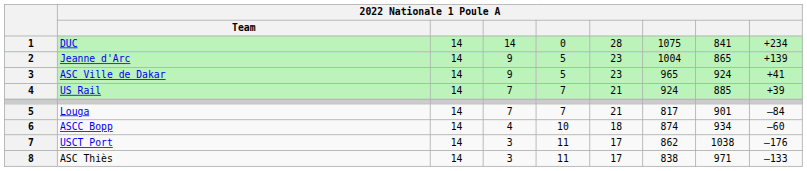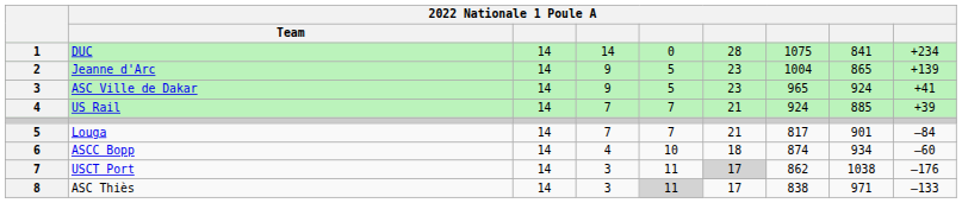 <table class="wikitable" width="80%" style="font-size:95%; text-align:center">
 <tr>
 <th rowspan="2" width="5%"></th>
 <th colspan="8" style="text-align:center"><strong>2022 Nationale 1 Poule A</strong></th>
 </tr>
 <tr>
 <th width="35%">Team</th>
 <th width="5%"></th>
 <th width="5%"></th>
 <th width="5%"></th>
 <th width="5%"></th>
 <th width="5%"></th>
 <th width="5%"></th>
 <th width="5%"></th>
 </tr>
 <tr style="background-color:#BBF3BB;">
 <th>1</th>
 <td style="text-align:left;"><a href='#'>DUC</a></td>
 <td>14</td>
 <td>14</td>
 <td>0</td>
 <td>28</td>
 <td>1075</td>
 <td>841</td>
 <td>+234</td>
 </tr>
 <tr style="background-color:#BBF3BB;">
 <th>2</th>
 <td style="text-align:left;"><a href='#'>Jeanne d'Arc</a></td>
 <td>14</td>
 <td>9</td>
 <td>5</td>
 <td>23</td>
 <td>1004</td>
 <td>865</td>
 <td>+139</td>
 </tr>
 <tr style="background-color:#BBF3BB;">
 <th>3</th>
 <td style="text-align:left;"><a href='#'>ASC Ville de Dakar</a></td>
 <td>14</td>
 <td>9</td>
 <td>5</td>
 <td>23</td>
 <td>965</td>
 <td>924</td>
 <td>+41</td>
 </tr>
 <tr style="background-color:#BBF3BB;">
 <th>4</th>
 <td style="text-align:left;"><a href='#'>US Rail</a></td>
 <td>14</td>
 <td>7</td>
 <td>7</td>
 <td>21</td>
 <td>924</td>
 <td>885</td>
 <td>+39</td>
 </tr>
 <tr style="background-color:#CCCCCC">
 <td></td>
 <td></td>
 <td></td>
 <td></td>
 <td></td>
 <td></td>
 <td></td>
 <td></td>
 <td></td>
 </tr>
 <tr>
 <th>5</th>
 <td style="text-align:left;"><a href='#'>Louga</a></td>
 <td>14</td>
 <td>7</td>
 <td>7</td>
 <td>21</td>
 <td>817</td>
 <td>901</td>
 <td>–84</td>
 </tr>
 <tr>
 <th>6</th>
 <td style="text-align:left;"><a href='#'>ASCC Bopp</a></td>
 <td>14</td>
 <td>4</td>
 <td>10</td>
 <td>18</td>
 <td>874</td>
 <td>934</td>
 <td>–60</td>
 </tr>
 <tr>
 <th>7</th>
 <td style="text-align:left;"><a href='#'>USCT Port</a></td>
 <td>14</td>
 <td>3</td>
 <td>11</td>
-<td>17</td>
+<td style="background: lightgrey;">17</td>
 <td>862</td>
 <td>1038</td>
 <td>–176</td>
 </tr>
 <tr>
 <th>8</th>
 <td style="text-align:left;">ASC Thiès</td>
 <td>14</td>
 <td>3</td>
-<td>11</td>
+<td style="background: lightgrey;">11</td>
 <td>17</td>
 <td>838</td>
 <td>971</td>
 <td>–133</td>
 </tr>
 </table>
